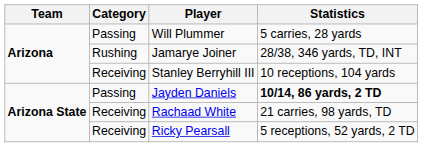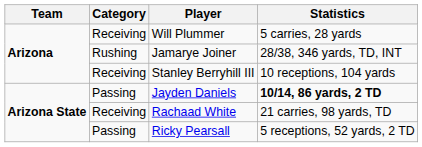 <table class="wikitable" style="float: right;">
 <tr>
 <th>Team</th>
 <th>Category</th>
 <th>Player</th>
 <th>Statistics</th>
 </tr>
 <tr>
 <td rowspan=3><strong>Arizona</strong></td>
-<td>Passing</td>
+<td>Receiving</td>
 <td>Will Plummer</td>
 <td>5 carries, 28 yards</td>
 </tr>
 <tr>
 <td>Rushing</td>
 <td>Jamarye Joiner</td>
 <td>28/38, 346 yards, TD, INT</td>
 </tr>
 <tr>
 <td>Receiving</td>
 <td>Stanley Berryhill III</td>
 <td>10 receptions, 104 yards</td>
 </tr>
 <tr>
 <td rowspan=3><strong>Arizona State</strong></td>
 <td>Passing</td>
 <td><a href='#'>Jayden Daniels</a></td>
 <td><strong>10/14, 86 yards, 2 TD</strong></td>
 </tr>
 <tr>
 <td>Receiving</td>
 <td><a href='#'>Rachaad White</a></td>
 <td>21 carries, 98 yards, TD</td>
 </tr>
 <tr>
-<td>Receiving</td>
+<td>Passing</td>
 <td><a href='#'>Ricky Pearsall</a></td>
 <td>5 receptions, 52 yards, 2 TD</td>
 </tr>
 </table>
